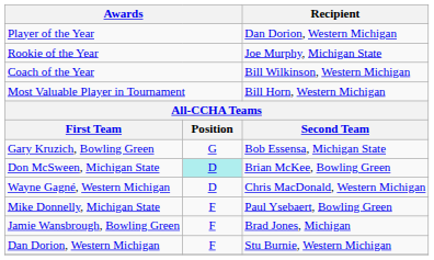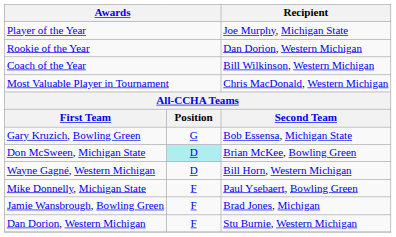 <table class="wikitable">
 <tr>
 <th colspan=2><a href='#'>Awards</a></th>
 <th>Recipient</th>
 </tr>
 <tr>
 <td colspan=2><a href='#'>Player of the Year</a></td>
-<td><a href='#'>Dan Dorion</a>, <a href='#'>Western Michigan</a></td>
+<td><a href='#'>Joe Murphy</a>, <a href='#'>Michigan State</a></td>
 </tr>
 <tr>
 <td colspan=2><a href='#'>Rookie of the Year</a></td>
-<td><a href='#'>Joe Murphy</a>, <a href='#'>Michigan State</a></td>
+<td><a href='#'>Dan Dorion</a>, <a href='#'>Western Michigan</a></td>
 </tr>
 <tr>
 <td colspan=2><a href='#'>Coach of the Year</a></td>
 <td><a href='#'>Bill Wilkinson</a>, <a href='#'>Western Michigan</a></td>
 </tr>
 <tr>
 <td colspan=2><a href='#'>Most Valuable Player in Tournament</a></td>
-<td><a href='#'>Bill Horn</a>, <a href='#'>Western Michigan</a></td>
+<td><a href='#'>Chris MacDonald</a>, <a href='#'>Western Michigan</a></td>
 </tr>
 <tr>
 <th colspan=3><a href='#'>All-CCHA Teams</a></th>
 </tr>
 <tr>
 <th><a href='#'>First Team</a></th>
 <th>  Position  </th>
 <th><a href='#'>Second Team</a></th>
 </tr>
 <tr>
 <td><a href='#'>Gary Kruzich</a>, <a href='#'>Bowling Green</a></td>
 <td align=center><a href='#'>G</a></td>
 <td><a href='#'>Bob Essensa</a>, <a href='#'>Michigan State</a></td>
 </tr>
 <tr>
 <td><a href='#'>Don McSween</a>, <a href='#'>Michigan State</a></td>
 <td align=center style="background: paleturquoise;"><a href='#'>D</a></td>
 <td><a href='#'>Brian McKee</a>, <a href='#'>Bowling Green</a></td>
 </tr>
 <tr>
 <td><a href='#'>Wayne Gagné</a>, <a href='#'>Western Michigan</a></td>
 <td align=center><a href='#'>D</a></td>
-<td><a href='#'>Chris MacDonald</a>, <a href='#'>Western Michigan</a></td>
+<td><a href='#'>Bill Horn</a>, <a href='#'>Western Michigan</a></td>
 </tr>
 <tr>
 <td><a href='#'>Mike Donnelly</a>, <a href='#'>Michigan State</a></td>
 <td align=center><a href='#'>F</a></td>
 <td><a href='#'>Paul Ysebaert</a>, <a href='#'>Bowling Green</a></td>
 </tr>
 <tr>
 <td><a href='#'>Jamie Wansbrough</a>, <a href='#'>Bowling Green</a></td>
 <td align=center><a href='#'>F</a></td>
 <td><a href='#'>Brad Jones</a>, <a href='#'>Michigan</a></td>
 </tr>
 <tr>
 <td><a href='#'>Dan Dorion</a>, <a href='#'>Western Michigan</a></td>
 <td align=center><a href='#'>F</a></td>
 <td><a href='#'>Stu Burnie</a>, <a href='#'>Western Michigan</a></td>
 </tr>
 <tr>
 </tr>
 </table>
